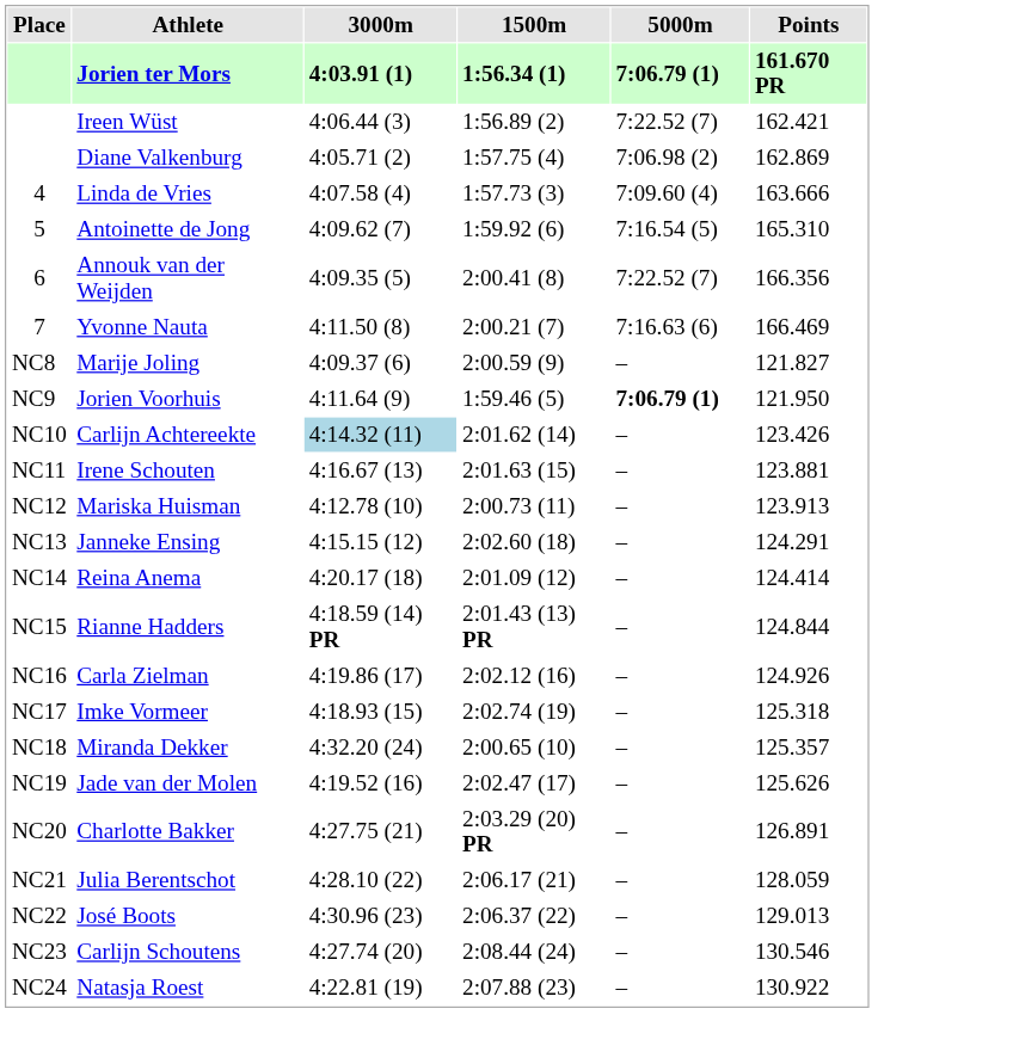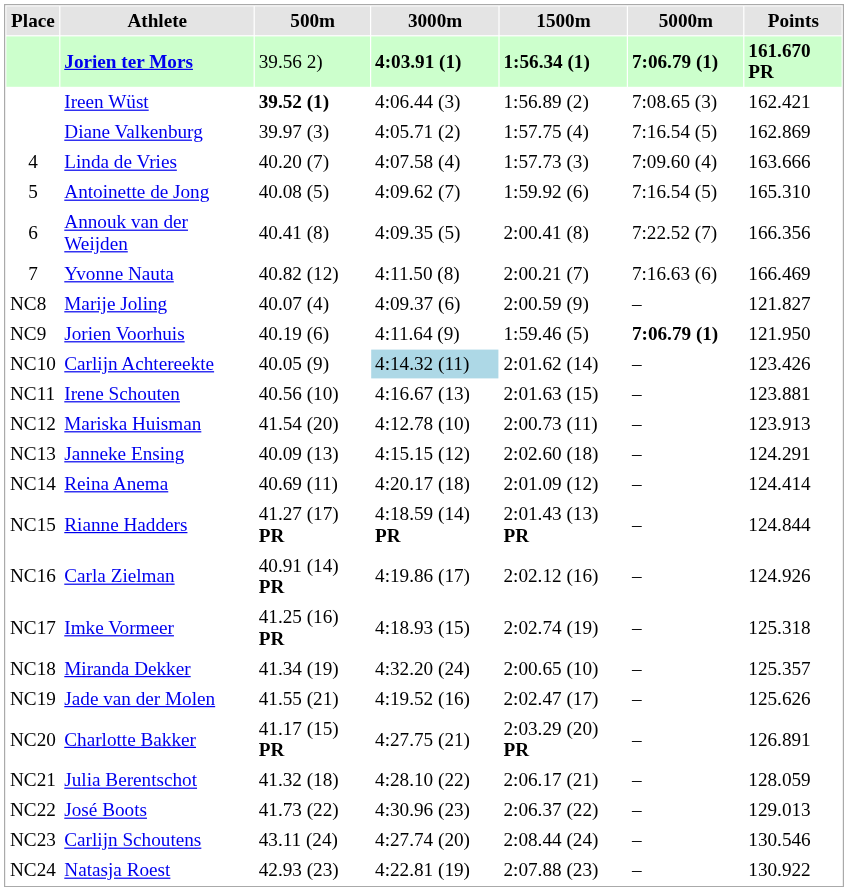 <table cellspacing="1" cellpadding="3" style="border:1px solid #AAAAAA;font–size:90%">
 <tr bgcolor="#E4E4E4">
 <th style="border–bottom:1px solid #AAAAAA" width=15>Place</th>
 <th style="border–bottom:1px solid #AAAAAA" width=155>Athlete</th>
+<th style="border–bottom:1px solid #AAAAAA" width=90>500m</th>
 <th style="border–bottom:1px solid #AAAAAA" width=100>3000m</th>
 <th style="border–bottom:1px solid #AAAAAA" width=100>1500m</th>
 <th style="border–bottom:1px solid #AAAAAA" width=90>5000m</th>
 <th style="border–bottom:1px solid #AAAAAA" width=75>Points</th>
 </tr>
 <tr bgcolor=ccffcc>
 <td style="text-align:center"></td>
 <td><strong><a href='#'>Jorien ter Mors</a></strong></td>
+<td>39.56 2)</td>
 <td><strong>4:03.91 (1)</strong></td>
 <td><strong>1:56.34 (1)</strong></td>
 <td><strong>7:06.79 (1)</strong></td>
 <td><strong>161.670 PR</strong></td>
 </tr>
 <tr>
 <td style="text-align:center"></td>
 <td><a href='#'>Ireen Wüst</a></td>
+<td><strong>39.52 (1)</strong></td>
 <td>4:06.44 (3)</td>
 <td>1:56.89 (2)</td>
-<td>7:22.52 (7)</td>
+<td>7:08.65 (3)</td>
 <td>162.421</td>
 </tr>
 <tr>
 <td style="text-align:center"></td>
 <td><a href='#'>Diane Valkenburg</a></td>
+<td>39.97 (3)</td>
 <td>4:05.71 (2)</td>
 <td>1:57.75 (4)</td>
-<td>7:06.98 (2)</td>
+<td>7:16.54 (5)</td>
 <td>162.869</td>
 </tr>
 <tr>
 <td style="text-align:center">4</td>
 <td><a href='#'>Linda de Vries</a></td>
+<td>40.20 (7)</td>
 <td>4:07.58 (4)</td>
 <td>1:57.73 (3)</td>
 <td>7:09.60 (4)</td>
 <td>163.666</td>
 </tr>
 <tr>
 <td style="text-align:center">5</td>
 <td><a href='#'>Antoinette de Jong</a></td>
+<td>40.08 (5)</td>
 <td>4:09.62 (7)</td>
 <td>1:59.92 (6)</td>
 <td>7:16.54 (5)</td>
 <td>165.310</td>
 </tr>
 <tr>
 <td style="text-align:center">6</td>
 <td><a href='#'>Annouk van der Weijden</a></td>
+<td>40.41 (8)</td>
 <td>4:09.35 (5)</td>
 <td>2:00.41 (8)</td>
 <td>7:22.52 (7)</td>
 <td>166.356</td>
 </tr>
 <tr>
 <td style="text-align:center">7</td>
 <td><a href='#'>Yvonne Nauta</a></td>
+<td>40.82 (12)</td>
 <td>4:11.50 (8)</td>
 <td>2:00.21 (7)</td>
 <td>7:16.63 (6)</td>
 <td>166.469</td>
 </tr>
 <tr>
 <td>NC8</td>
 <td><a href='#'>Marije Joling</a></td>
+<td>40.07 (4)</td>
 <td>4:09.37 (6)</td>
 <td>2:00.59 (9)</td>
 <td>–</td>
 <td>121.827</td>
 </tr>
 <tr>
 <td>NC9</td>
 <td><a href='#'>Jorien Voorhuis</a></td>
+<td>40.19 (6)</td>
 <td>4:11.64 (9)</td>
 <td>1:59.46 (5)</td>
 <td><strong>7:06.79 (1)</strong></td>
 <td>121.950</td>
 </tr>
 <tr>
 <td>NC10</td>
 <td><a href='#'>Carlijn Achtereekte</a></td>
+<td>40.05 (9)</td>
 <td style="background: lightblue;">4:14.32 (11)</td>
 <td>2:01.62 (14)</td>
 <td>–</td>
 <td>123.426</td>
 </tr>
 <tr>
 <td>NC11</td>
 <td><a href='#'>Irene Schouten</a></td>
+<td>40.56 (10)</td>
 <td>4:16.67 (13)</td>
 <td>2:01.63 (15)</td>
 <td>–</td>
 <td>123.881</td>
 </tr>
 <tr>
 <td>NC12</td>
 <td><a href='#'>Mariska Huisman</a></td>
+<td>41.54 (20)</td>
 <td>4:12.78 (10)</td>
 <td>2:00.73 (11)</td>
 <td>–</td>
 <td>123.913</td>
 </tr>
 <tr>
 <td>NC13</td>
 <td><a href='#'>Janneke Ensing</a></td>
+<td>40.09 (13)</td>
 <td>4:15.15 (12)</td>
 <td>2:02.60 (18)</td>
 <td>–</td>
 <td>124.291</td>
 </tr>
 <tr>
 <td>NC14</td>
 <td><a href='#'>Reina Anema</a></td>
+<td>40.69 (11)</td>
 <td>4:20.17 (18)</td>
 <td>2:01.09 (12)</td>
 <td>–</td>
 <td>124.414</td>
 </tr>
 <tr>
 <td>NC15</td>
 <td><a href='#'>Rianne Hadders</a></td>
+<td>41.27 (17) <strong>PR</strong></td>
 <td>4:18.59 (14) <strong>PR</strong></td>
 <td>2:01.43 (13) <strong>PR</strong></td>
 <td>–</td>
 <td>124.844</td>
 </tr>
 <tr>
 <td>NC16</td>
 <td><a href='#'>Carla Zielman</a></td>
+<td>40.91 (14) <strong>PR</strong></td>
 <td>4:19.86 (17)</td>
 <td>2:02.12 (16)</td>
 <td>–</td>
 <td>124.926</td>
 </tr>
 <tr>
 <td>NC17</td>
 <td><a href='#'>Imke Vormeer</a></td>
+<td>41.25 (16) <strong>PR</strong></td>
 <td>4:18.93 (15)</td>
 <td>2:02.74 (19)</td>
 <td>–</td>
 <td>125.318</td>
 </tr>
 <tr>
 <td>NC18</td>
 <td><a href='#'>Miranda Dekker</a></td>
+<td>41.34 (19)</td>
 <td>4:32.20 (24)</td>
 <td>2:00.65 (10)</td>
 <td>–</td>
 <td>125.357</td>
 </tr>
 <tr>
 <td>NC19</td>
 <td><a href='#'>Jade van der Molen</a></td>
+<td>41.55 (21)</td>
 <td>4:19.52 (16)</td>
 <td>2:02.47 (17)</td>
 <td>–</td>
 <td>125.626</td>
 </tr>
 <tr>
 <td>NC20</td>
 <td><a href='#'>Charlotte Bakker</a></td>
+<td>41.17 (15) <strong>PR</strong></td>
 <td>4:27.75 (21)</td>
 <td>2:03.29 (20) <strong>PR</strong></td>
 <td>–</td>
 <td>126.891</td>
 </tr>
 <tr>
 <td>NC21</td>
 <td><a href='#'>Julia Berentschot</a></td>
+<td>41.32 (18)</td>
 <td>4:28.10 (22)</td>
 <td>2:06.17 (21)</td>
 <td>–</td>
 <td>128.059</td>
 </tr>
 <tr>
 <td>NC22</td>
 <td><a href='#'>José Boots</a></td>
+<td>41.73 (22)</td>
 <td>4:30.96 (23)</td>
 <td>2:06.37 (22)</td>
 <td>–</td>
 <td>129.013</td>
 </tr>
 <tr>
 <td>NC23</td>
 <td><a href='#'>Carlijn Schoutens</a></td>
+<td>43.11 (24)</td>
 <td>4:27.74 (20)</td>
 <td>2:08.44 (24)</td>
 <td>–</td>
 <td>130.546</td>
 </tr>
 <tr>
 <td>NC24</td>
 <td><a href='#'>Natasja Roest</a></td>
+<td>42.93 (23)</td>
 <td>4:22.81 (19)</td>
 <td>2:07.88 (23)</td>
 <td>–</td>
 <td>130.922</td>
 </tr>
 </table>
